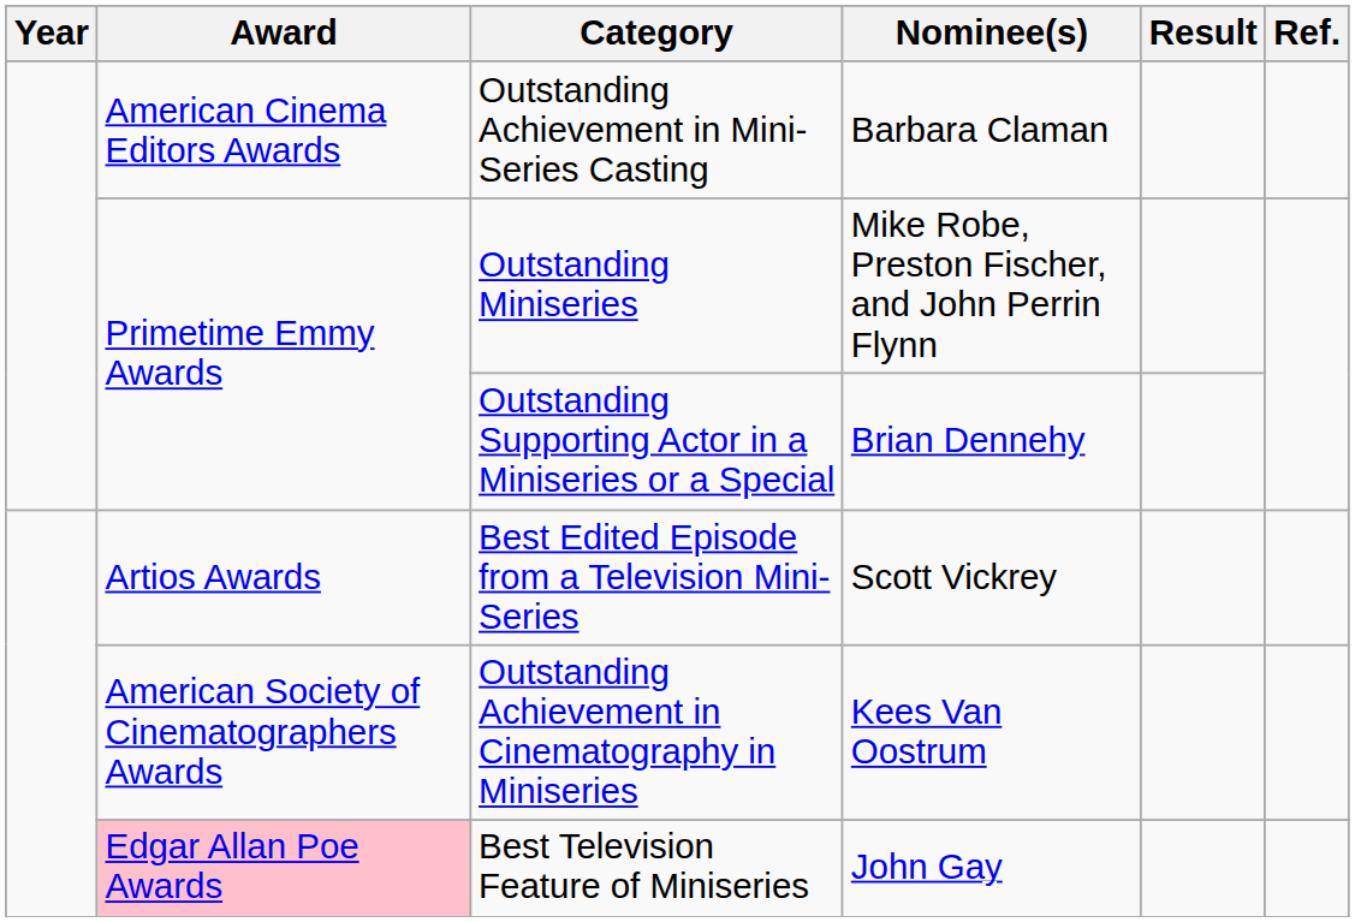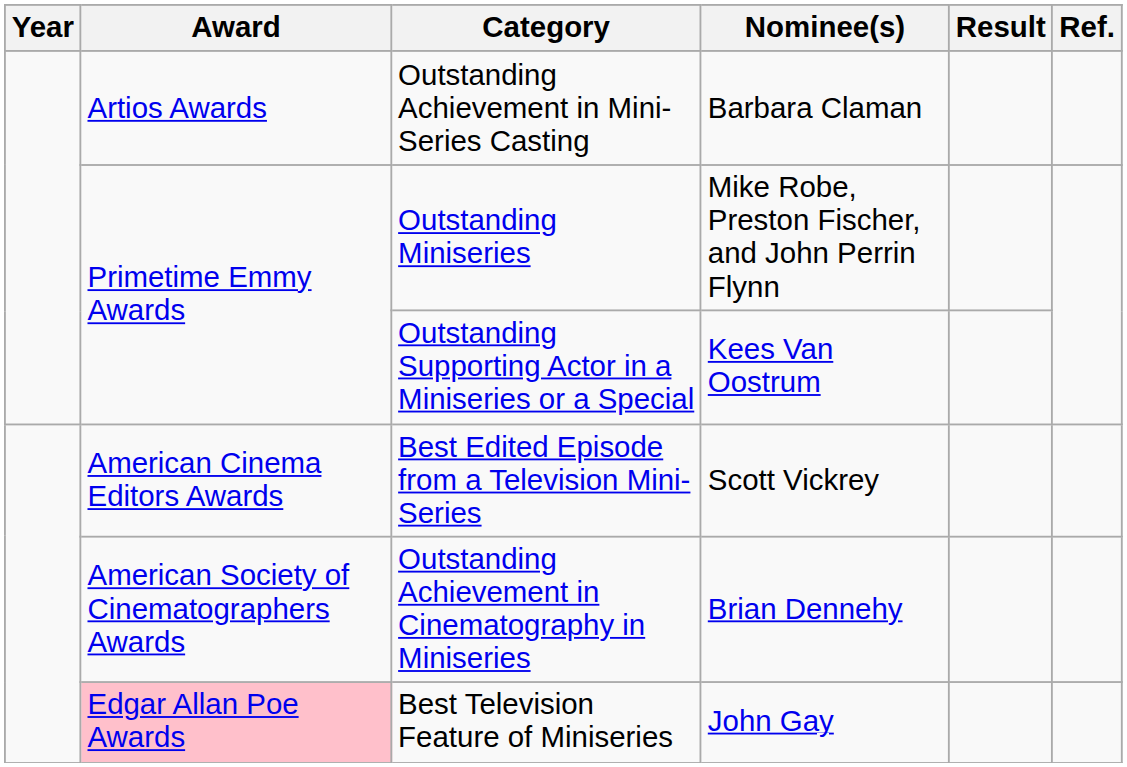 <table class="wikitable plainrowheaders">
 <tr>
 <th>Year</th>
 <th>Award</th>
 <th>Category</th>
 <th>Nominee(s)</th>
 <th>Result</th>
 <th>Ref.</th>
 </tr>
 <tr>
 <td rowspan="3"></td>
-<td><a href='#'>American Cinema Editors Awards</a></td>
+<td><a href='#'>Artios Awards</a></td>
 <td>Outstanding Achievement in Mini-Series Casting</td>
 <td>Barbara Claman</td>
 <td></td>
 <td align="center"></td>
 </tr>
 <tr>
 <td rowspan="2"><a href='#'>Primetime Emmy Awards</a></td>
 <td><a href='#'>Outstanding Miniseries</a></td>
 <td>Mike Robe, Preston Fischer, and John Perrin Flynn</td>
 <td></td>
 <td align="center" rowspan="2"></td>
 </tr>
 <tr>
 <td><a href='#'>Outstanding Supporting Actor in a Miniseries or a Special</a></td>
-<td><a href='#'>Brian Dennehy</a></td>
+<td><a href='#'>Kees Van Oostrum</a></td>
 <td></td>
 </tr>
 <tr>
 <td rowspan="3"></td>
-<td><a href='#'>Artios Awards</a></td>
+<td><a href='#'>American Cinema Editors Awards</a></td>
 <td><a href='#'>Best Edited Episode from a Television Mini-Series</a></td>
 <td>Scott Vickrey </td>
 <td></td>
 <td align="center"></td>
 </tr>
 <tr>
 <td><a href='#'>American Society of Cinematographers Awards</a></td>
 <td><a href='#'>Outstanding Achievement in Cinematography in Miniseries</a></td>
-<td><a href='#'>Kees Van Oostrum</a></td>
+<td><a href='#'>Brian Dennehy</a></td>
 <td></td>
 <td align="center"></td>
 </tr>
 <tr>
 <td style="background: pink;"><a href='#'>Edgar Allan Poe Awards</a></td>
 <td>Best Television Feature of Miniseries</td>
 <td><a href='#'>John Gay</a></td>
 <td></td>
 <td align="center"></td>
 </tr>
 </table>
